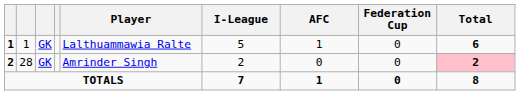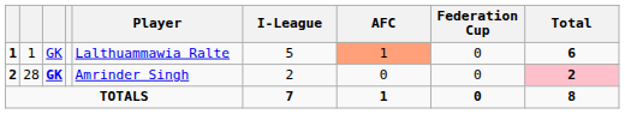 <table class="wikitable" style="font-size: 95%; text-align: center;">
 <tr>
 <th rowspan="1" !width=15><strong></strong></th>
 <th rowspan="1" !width=15><strong></strong></th>
 <th rowspan="1" !width=15><strong></strong></th>
 <th rowspan="1" !width=15><strong></strong></th>
 <th width=150>Player</th>
 <th width=80>I-League</th>
 <th width=80>AFC</th>
 <th width=80>Federation Cup</th>
 <th width=80><strong>Total</strong></th>
 </tr>
 <tr>
 <td rowspan=1><strong>1</strong></td>
 <td>1</td>
 <td><a href='#'>GK</a></td>
 <td></td>
 <td align=left><a href='#'>Lalthuammawia Ralte</a></td>
 <td>5</td>
-<td>1</td>
+<td style="background: lightsalmon;">1</td>
 <td>0</td>
 <td><strong>6</strong></td>
 </tr>
 <tr>
 <td rowspan=1><strong>2</strong></td>
 <td>28</td>
-<td><a href='#'>GK</a></td>
+<td><strong><a href='#'>GK</a></strong></td>
 <td></td>
 <td align=left><a href='#'>Amrinder Singh</a></td>
 <td>2</td>
 <td>0</td>
 <td>0</td>
 <td style="background: pink;"><strong>2</strong></td>
 </tr>
 <tr>
 <td colspan="5"><strong>TOTALS</strong></td>
 <td><strong>7</strong></td>
 <td><strong>1</strong></td>
 <td><strong>0</strong></td>
 <td><strong>8</strong></td>
 </tr>
 </table>
